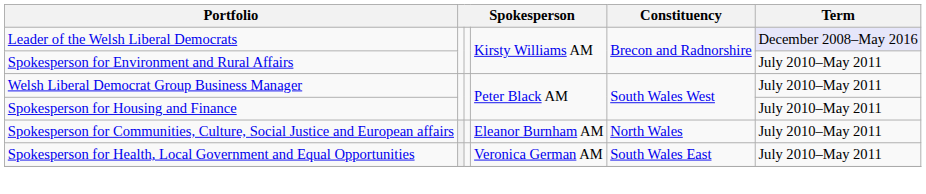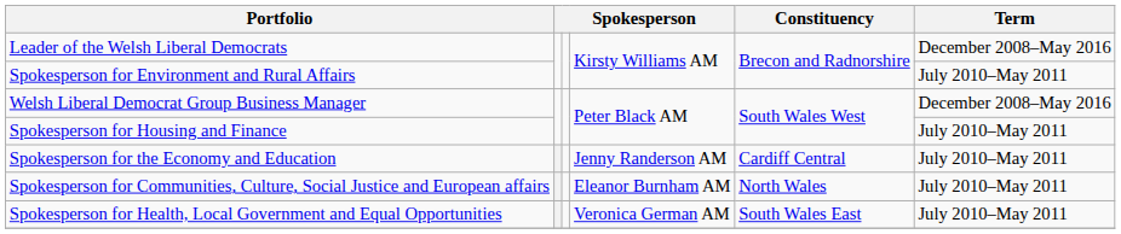 <table class="wikitable">
 <tr>
 <th colspan="1">Portfolio</th>
 <th colspan="3">Spokesperson</th>
 <th colspan="1">Constituency</th>
 <th colspan="1">Term</th>
 </tr>
 <tr>
 <td><a href='#'>Leader of the Welsh Liberal Democrats</a></td>
 <td rowspan="2" style="background-color: "></td>
 <td rowspan="2"></td>
 <td rowspan="2"><a href='#'>Kirsty Williams</a> AM</td>
 <td rowspan="2"><a href='#'>Brecon and Radnorshire</a></td>
-<td style="background: lavender;">December 2008–May 2016</td>
+<td>December 2008–May 2016</td>
 </tr>
 <tr>
 <td><a href='#'>Spokesperson for Environment and Rural Affairs</a></td>
 <td>July 2010–May 2011</td>
 </tr>
 <tr>
 <td><a href='#'>Welsh Liberal Democrat Group Business Manager</a></td>
 <td rowspan="2" style="background-color: "></td>
 <td rowspan="2"></td>
 <td rowspan="2"><a href='#'>Peter Black</a> AM</td>
 <td rowspan="2"><a href='#'>South Wales West</a></td>
+<td>December 2008–May 2016</td>
+</tr>
+<tr>
+<td><a href='#'>Spokesperson for Housing and Finance</a></td>
 <td>July 2010–May 2011</td>
 </tr>
 <tr>
-<td><a href='#'>Spokesperson for Housing and Finance</a></td>
+<td><a href='#'>Spokesperson for the Economy and Education</a></td>
+<th style="background-color: "></th>
+<td></td>
+<td><a href='#'>Jenny Randerson</a> AM</td>
+<td><a href='#'>Cardiff Central</a></td>
 <td>July 2010–May 2011</td>
 </tr>
 <tr>
 <td><a href='#'>Spokesperson for Communities, Culture, Social Justice and European affairs</a></td>
 <th style="background-color: "></th>
 <td></td>
 <td><a href='#'>Eleanor Burnham</a> AM</td>
 <td><a href='#'>North Wales</a></td>
 <td>July 2010–May 2011</td>
 </tr>
 <tr>
 <td><a href='#'>Spokesperson for Health, Local Government and Equal Opportunities</a></td>
 <th style="background-color: "></th>
 <td></td>
 <td><a href='#'>Veronica German</a> AM</td>
 <td><a href='#'>South Wales East</a></td>
 <td>July 2010–May 2011</td>
 </tr>
 <tr>
 </tr>
 </table>
